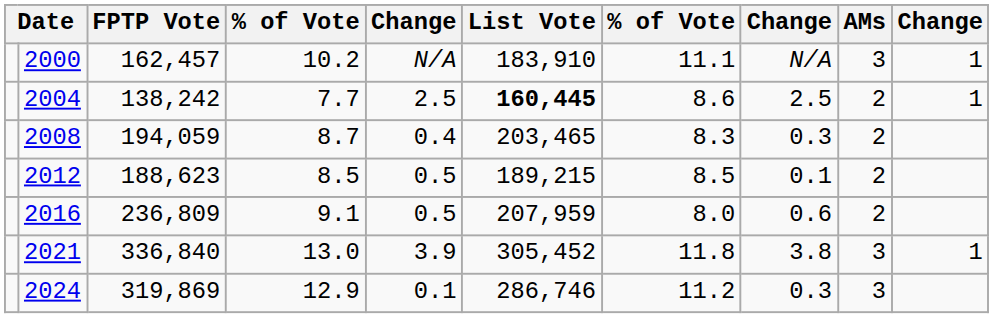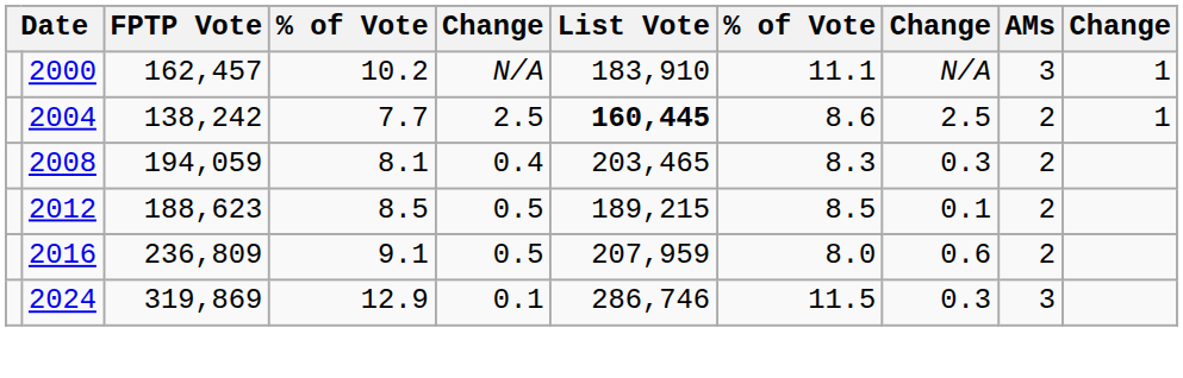 <table class="wikitable" style="text-align:right; font-size:95%;">
 <tr>
 <th colspan="2">Date</th>
 <th>FPTP Vote</th>
 <th>% of Vote</th>
 <th>Change</th>
 <th>List Vote</th>
 <th>% of Vote</th>
 <th>Change</th>
 <th>AMs</th>
 <th>Change</th>
 </tr>
 <tr>
 <td width="1" style="color:inherit;background:"></td>
 <td><a href='#'>2000</a></td>
 <td>162,457</td>
 <td>10.2</td>
 <td><em>N/A</em></td>
 <td>183,910</td>
 <td>11.1</td>
 <td><em>N/A</em></td>
 <td>3</td>
 <td>1</td>
 </tr>
 <tr>
 <td style="color:inherit;background:"></td>
 <td><a href='#'>2004</a></td>
 <td>138,242</td>
 <td>7.7</td>
 <td>2.5</td>
 <td><strong>160,445</strong></td>
 <td>8.6</td>
 <td>2.5</td>
 <td>2</td>
 <td>1</td>
 </tr>
 <tr>
 <td style="color:inherit;background:"></td>
 <td><a href='#'>2008</a></td>
 <td>194,059</td>
-<td>8.7</td>
+<td>8.1</td>
 <td>0.4</td>
 <td>203,465</td>
 <td>8.3</td>
 <td>0.3</td>
 <td>2</td>
 <td></td>
 </tr>
 <tr>
 <td style="color:inherit;background:"></td>
 <td><a href='#'>2012</a></td>
 <td>188,623</td>
 <td>8.5</td>
 <td>0.5</td>
 <td>189,215</td>
 <td>8.5</td>
 <td>0.1</td>
 <td>2</td>
 <td></td>
 </tr>
 <tr>
 <td style="color:inherit;background:"></td>
 <td><a href='#'>2016</a></td>
 <td>236,809</td>
 <td>9.1</td>
 <td>0.5</td>
 <td>207,959</td>
 <td>8.0</td>
 <td>0.6</td>
 <td>2</td>
 <td></td>
 </tr>
 <tr>
 <td style="color:inherit;background:"></td>
-<td><a href='#'>2021</a></td>
-<td>336,840</td>
-<td>13.0</td>
-<td>3.9</td>
-<td>305,452</td>
-<td>11.8</td>
-<td>3.8</td>
-<td>3</td>
-<td>1</td>
-</tr>
-<tr>
-<td style="color:inherit;background:"></td>
 <td><a href='#'>2024</a></td>
 <td>319,869</td>
 <td>12.9</td>
 <td>0.1</td>
 <td>286,746</td>
-<td>11.2</td>
+<td>11.5</td>
 <td>0.3</td>
 <td>3</td>
 <td></td>
 </tr>
 </table>
